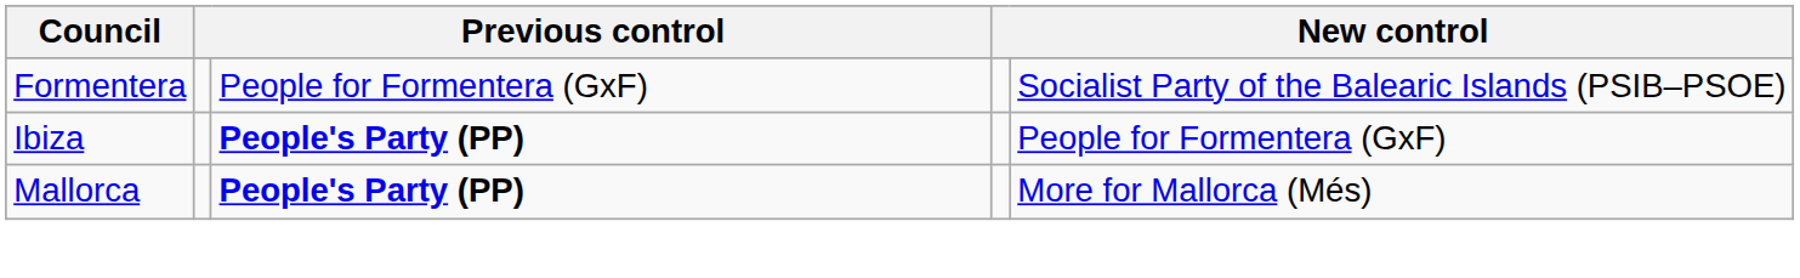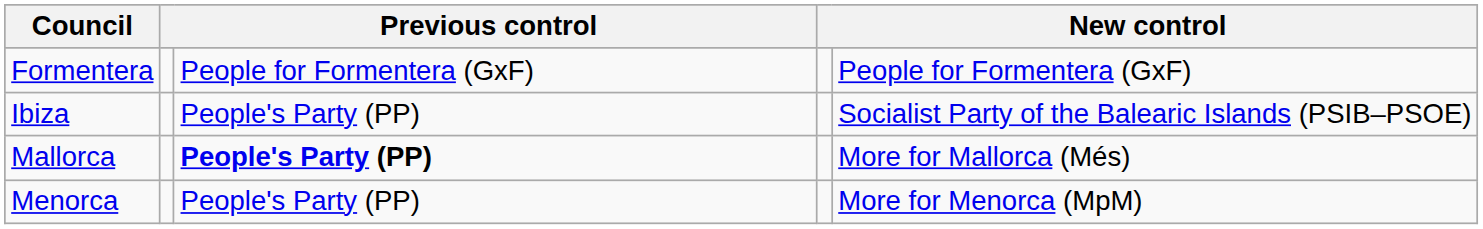 <table class="wikitable sortable">
 <tr>
 <th>Council</th>
 <th colspan="2" style="width:375px;">Previous control</th>
 <th colspan="2" style="width:375px;">New control</th>
 </tr>
 <tr>
 <td><a href='#'>Formentera</a></td>
 <td width="1" style="color:inherit;background:"></td>
 <td><a href='#'>People for Formentera</a> (GxF)</td>
 <td width="1" style="color:inherit;background:"></td>
-<td><a href='#'>Socialist Party of the Balearic Islands</a> (PSIB–PSOE)</td>
+<td><a href='#'>People for Formentera</a> (GxF)</td>
 </tr>
 <tr>
 <td><a href='#'>Ibiza</a></td>
 <td style="color:inherit;background:"></td>
-<td><strong><a href='#'>People's Party</a> (PP)</strong></td>
+<td><a href='#'>People's Party</a> (PP)</td>
 <td style="color:inherit;background:"></td>
-<td><a href='#'>People for Formentera</a> (GxF)</td>
+<td><a href='#'>Socialist Party of the Balearic Islands</a> (PSIB–PSOE)</td>
 </tr>
 <tr>
 <td><a href='#'>Mallorca</a></td>
 <td style="color:inherit;background:"></td>
 <td><strong><a href='#'>People's Party</a> (PP)</strong></td>
 <td style="color:inherit;background:"></td>
 <td><a href='#'>More for Mallorca</a> (Més)</td>
 </tr>
+<tr>
+<td><a href='#'>Menorca</a></td>
+<td style="color:inherit;background:"></td>
+<td><a href='#'>People's Party</a> (PP)</td>
+<td style="color:inherit;background:"></td>
+<td><a href='#'>More for Menorca</a> (MpM) </td>
+</tr>
 </table>
